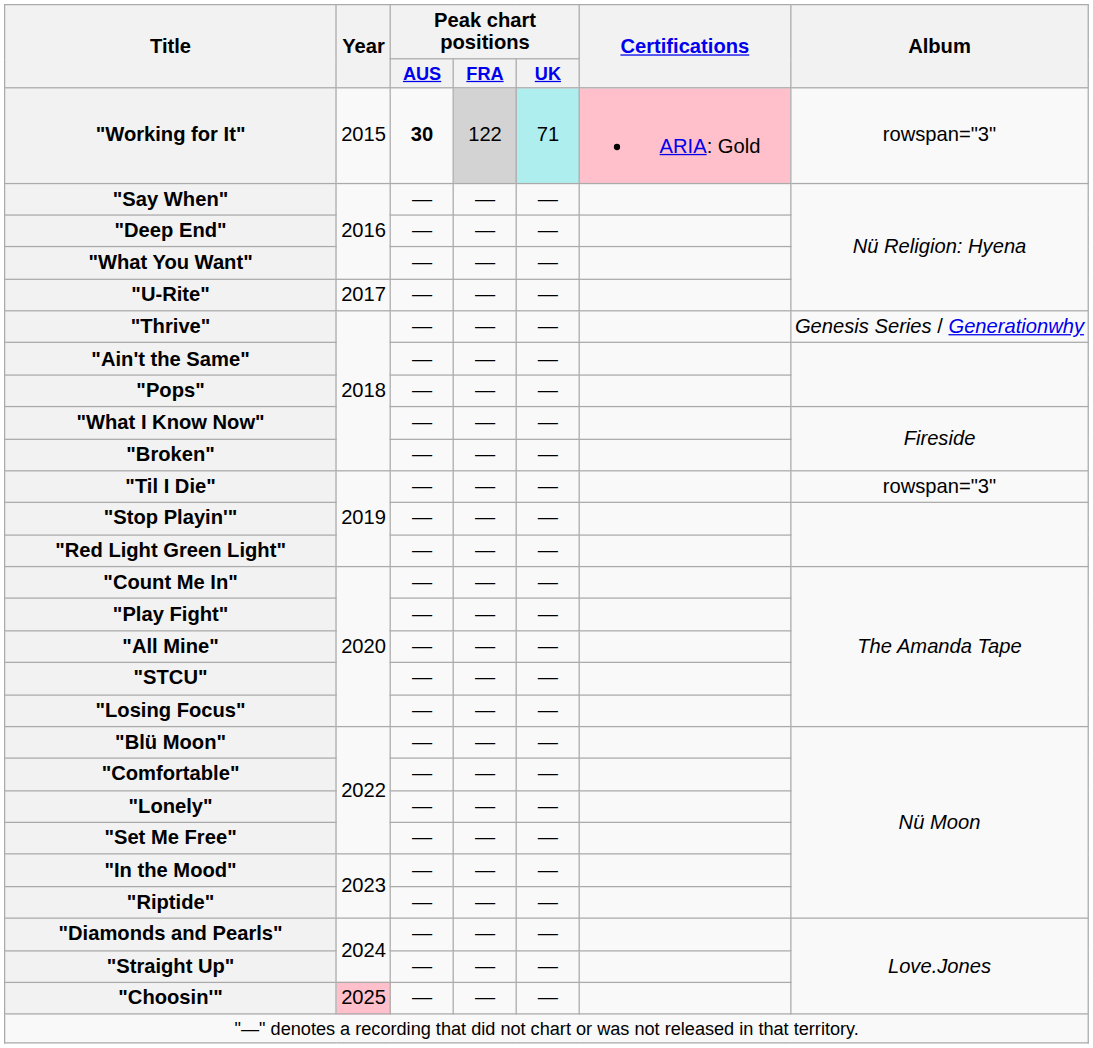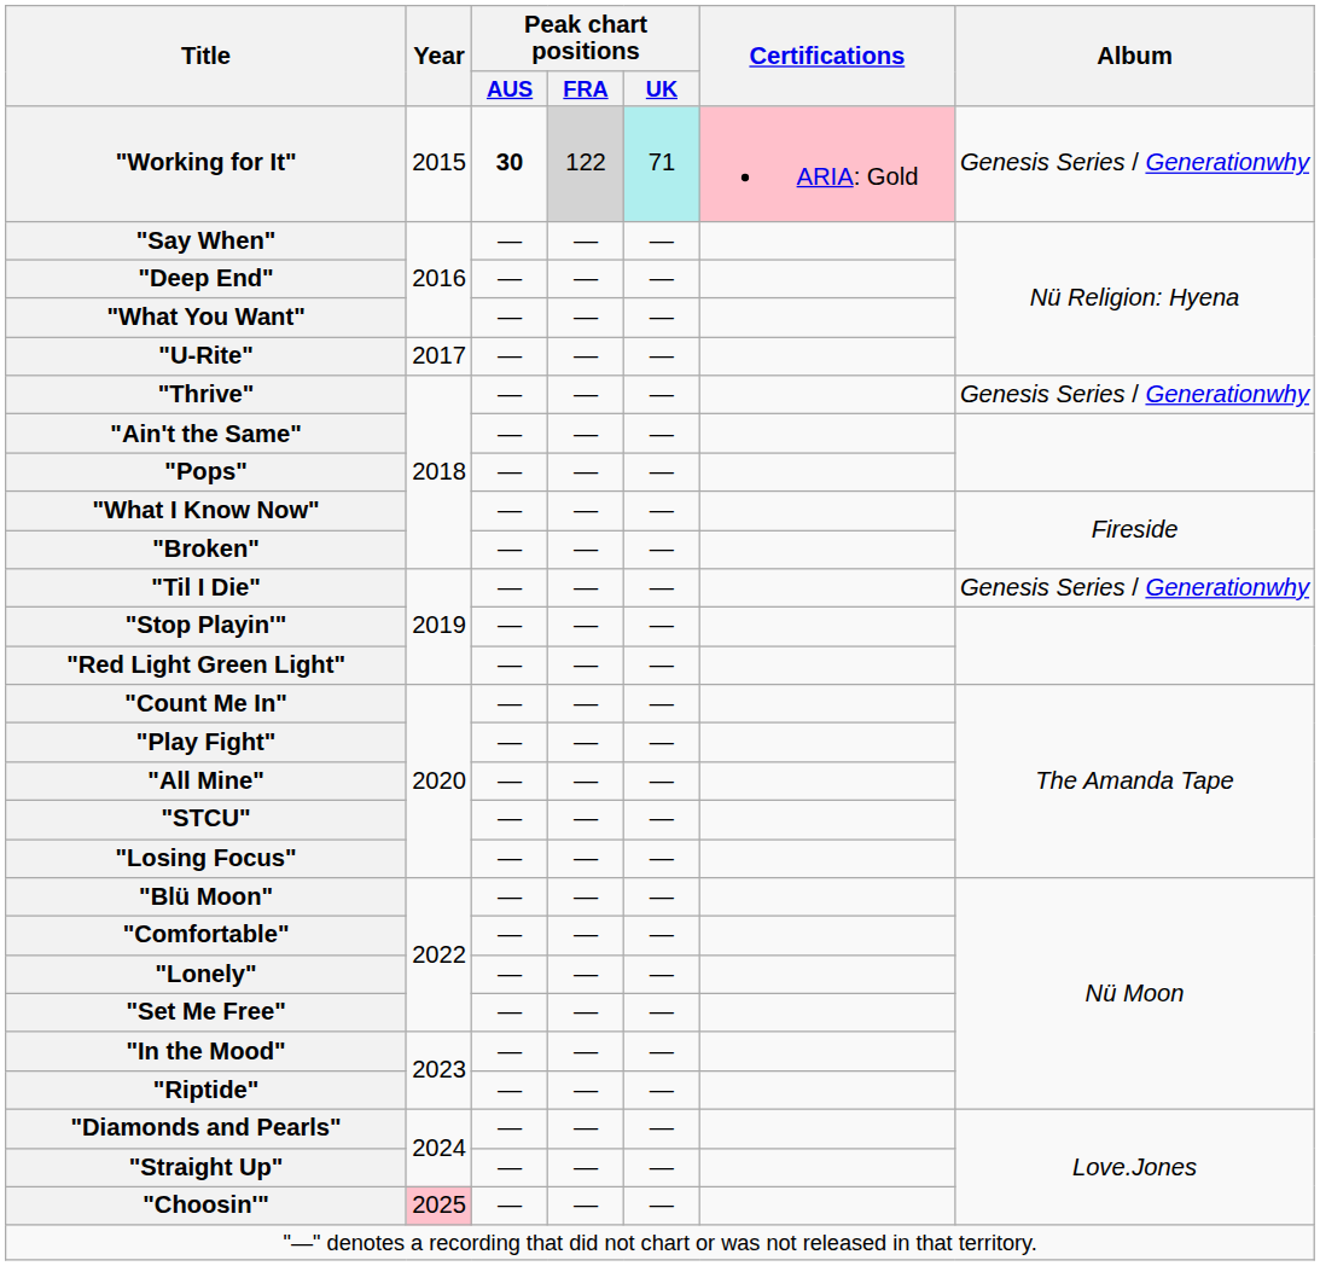 <table class="wikitable plainrowheaders" style="text-align:center;">
 <tr>
 <th scope="col" rowspan="2" style="width:16em;">Title</th>
 <th scope="col" rowspan="2">Year</th>
 <th scope="col" colspan="3">Peak chart positions</th>
 <th scope="col" rowspan="2" style="width:10em;"><a href='#'>Certifications</a></th>
 <th scope="col" rowspan="2">Album</th>
 </tr>
 <tr>
 <th scope="col" style="width:3em;font-size:90%;"><a href='#'>AUS</a><br></th>
 <th scope="col" style="width:3em;font-size:90%;"><a href='#'>FRA</a><br></th>
 <th scope="col" style="width:3em;font-size:90%;"><a href='#'>UK</a><br></th>
 </tr>
 <tr>
 <th scope="row">"Working for It"<br></th>
 <td>2015</td>
 <td><strong>30</strong></td>
 <td style="background: lightgrey;">122</td>
 <td style="background: paleturquoise;">71</td>
 <td style="background: pink;"><br><ul><li><a href='#'>ARIA</a>: Gold</li></ul></td>
-<td>rowspan="3" </td>
+<td><em>Genesis Series</em> / <em><a href='#'>Generationwhy</a></em></td>
 </tr>
 <tr>
 <th scope="row">"Say When"</th>
 <td rowspan="3">2016</td>
 <td>—</td>
 <td>—</td>
 <td>—</td>
 <td></td>
 <td rowspan="4"><em>Nü Religion: Hyena</em></td>
 </tr>
 <tr>
 <th scope="row">"Deep End"</th>
 <td>—</td>
 <td>—</td>
 <td>—</td>
 <td></td>
 </tr>
 <tr>
 <th scope="row">"What You Want"</th>
 <td>—</td>
 <td>—</td>
 <td>—</td>
 <td></td>
 </tr>
 <tr>
 <th scope="row">"U-Rite"</th>
 <td>2017</td>
 <td>—</td>
 <td>—</td>
 <td>—</td>
 <td></td>
 </tr>
 <tr>
 <th scope="row">"Thrive"</th>
 <td rowspan="5">2018</td>
 <td>—</td>
 <td>—</td>
 <td>—</td>
 <td></td>
 <td><em>Genesis Series</em> / <em><a href='#'>Generationwhy</a></em></td>
 </tr>
 <tr>
 <th scope="row">"Ain't the Same"</th>
 <td>—</td>
 <td>—</td>
 <td>—</td>
 <td></td>
 </tr>
 <tr>
 <th scope="row">"Pops"</th>
 <td>—</td>
 <td>—</td>
 <td>—</td>
 <td></td>
 </tr>
 <tr>
 <th scope="row">"What I Know Now"<br></th>
 <td>—</td>
 <td>—</td>
 <td>—</td>
 <td></td>
 <td rowspan="2"><em>Fireside</em></td>
 </tr>
 <tr>
 <th scope="row">"Broken"<br></th>
 <td>—</td>
 <td>—</td>
 <td>—</td>
 <td></td>
 </tr>
 <tr>
 <th scope="row">"Til I Die"<br></th>
 <td rowspan="3">2019</td>
 <td>—</td>
 <td>—</td>
 <td>—</td>
 <td></td>
-<td>rowspan="3" </td>
+<td><em>Genesis Series</em> / <em><a href='#'>Generationwhy</a></em></td>
 </tr>
 <tr>
 <th scope="row">"Stop Playin'"</th>
 <td>—</td>
 <td>—</td>
 <td>—</td>
 <td></td>
 </tr>
 <tr>
 <th scope="row">"Red Light Green Light"</th>
 <td>—</td>
 <td>—</td>
 <td>—</td>
 <td></td>
 </tr>
 <tr>
 <th scope="row">"Count Me In"</th>
 <td rowspan="5">2020</td>
 <td>—</td>
 <td>—</td>
 <td>—</td>
 <td></td>
 <td rowspan=5><em>The Amanda Tape</em></td>
 </tr>
 <tr>
 <th scope="row">"Play Fight"<br></th>
 <td>—</td>
 <td>—</td>
 <td>—</td>
 <td></td>
 </tr>
 <tr>
 <th scope="row">"All Mine"</th>
 <td>—</td>
 <td>—</td>
 <td>—</td>
 <td></td>
 </tr>
 <tr>
 <th scope="row">"STCU"<br></th>
 <td>—</td>
 <td>—</td>
 <td>—</td>
 <td></td>
 </tr>
 <tr>
 <th scope="row">"Losing Focus"<br></th>
 <td>—</td>
 <td>—</td>
 <td>—</td>
 <td></td>
 </tr>
 <tr>
 <th scope="row">"Blü Moon"</th>
 <td rowspan="4">2022</td>
 <td>—</td>
 <td>—</td>
 <td>—</td>
 <td></td>
 <td rowspan="6"><em>Nü Moon</em></td>
 </tr>
 <tr>
 <th scope="row">"Comfortable"<br></th>
 <td>—</td>
 <td>—</td>
 <td>—</td>
 <td></td>
 </tr>
 <tr>
 <th scope="row">"Lonely"<br></th>
 <td>—</td>
 <td>—</td>
 <td>—</td>
 <td></td>
 </tr>
 <tr>
 <th scope="row">"Set Me Free"</th>
 <td>—</td>
 <td>—</td>
 <td>—</td>
 <td></td>
 </tr>
 <tr>
 <th scope="row">"In the Mood"<br></th>
 <td rowspan="2">2023</td>
 <td>—</td>
 <td>—</td>
 <td>—</td>
 <td></td>
 </tr>
 <tr>
 <th scope="row">"Riptide"</th>
 <td>—</td>
 <td>—</td>
 <td>—</td>
 <td></td>
 </tr>
 <tr>
 <th scope="row">"Diamonds and Pearls"</th>
 <td rowspan=2>2024</td>
 <td>—</td>
 <td>—</td>
 <td>—</td>
 <td></td>
 <td rowspan=3><em>Love.Jones</em></td>
 </tr>
 <tr>
 <th scope="row">"Straight Up"</th>
 <td>—</td>
 <td>—</td>
 <td>—</td>
 <td></td>
 </tr>
 <tr>
 <th scope="row">"Choosin'"</th>
 <td style="background: pink;">2025</td>
 <td>—</td>
 <td>—</td>
 <td>—</td>
 <td></td>
 </tr>
 <tr>
 <td colspan="10" style="font-size:90%">"—" denotes a recording that did not chart or was not released in that territory.</td>
 </tr>
 </table>
